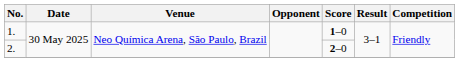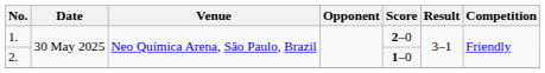 <table class="wikitable">
 <tr>
 <th>No.</th>
 <th>Date</th>
 <th>Venue</th>
 <th>Opponent</th>
 <th>Score</th>
 <th>Result</th>
 <th>Competition</th>
 </tr>
 <tr>
 <td>1.</td>
 <td rowspan=2>30 May 2025</td>
 <td rowspan=2><a href='#'>Neo Química Arena</a>, <a href='#'>São Paulo</a>, <a href='#'>Brazil</a></td>
 <td rowspan=2></td>
-<td align=center><strong>1</strong>–0</td>
+<td align=center><strong>2</strong>–0</td>
 <td rowspan=2 align=center>3–1</td>
 <td rowspan=2><a href='#'>Friendly</a></td>
 </tr>
 <tr>
 <td>2.</td>
-<td align=center><strong>2</strong>–0</td>
+<td align=center><strong>1</strong>–0</td>
 </tr>
 <tr>
 </tr>
 </table>
